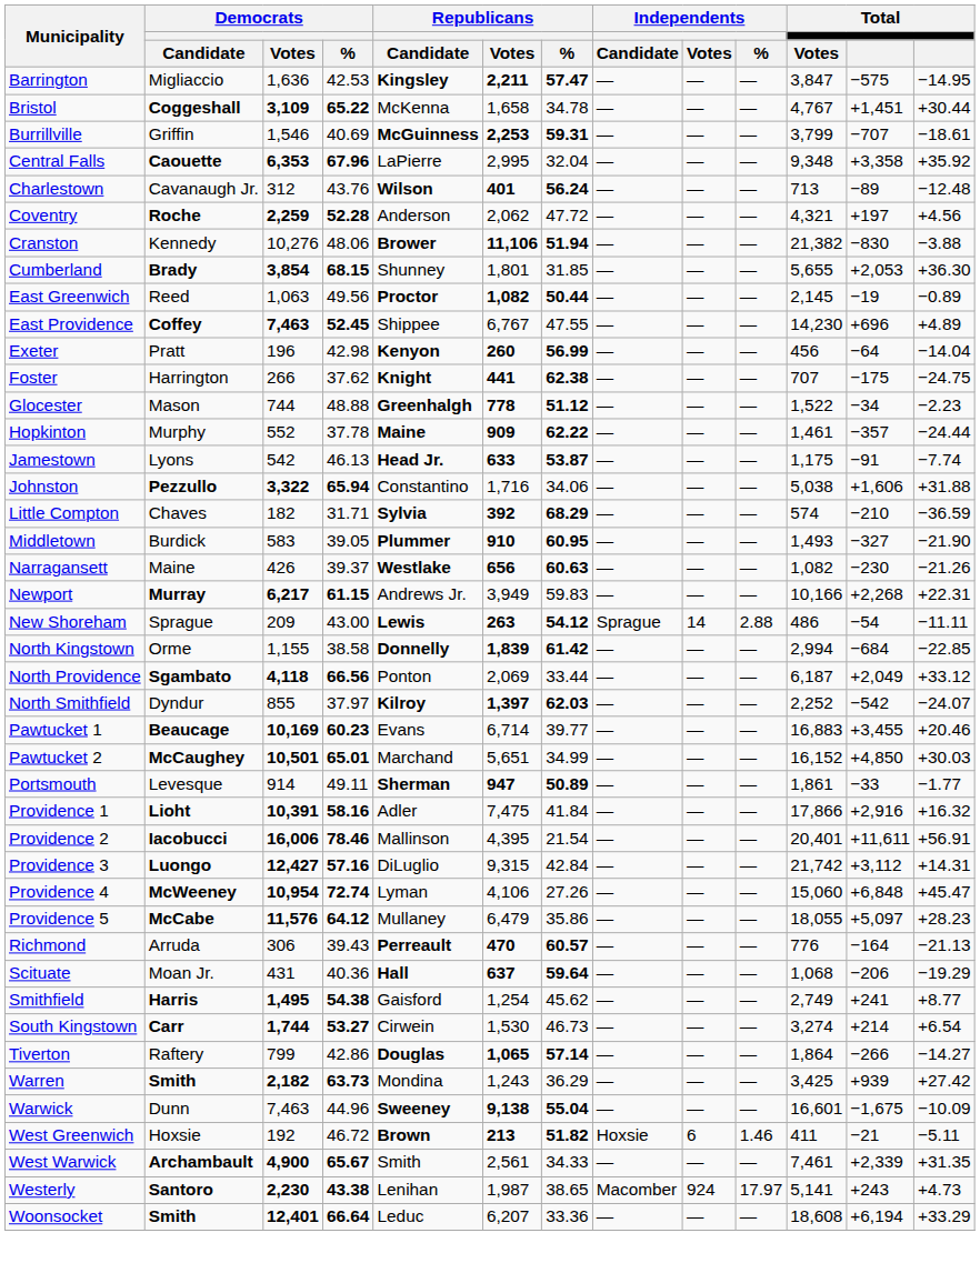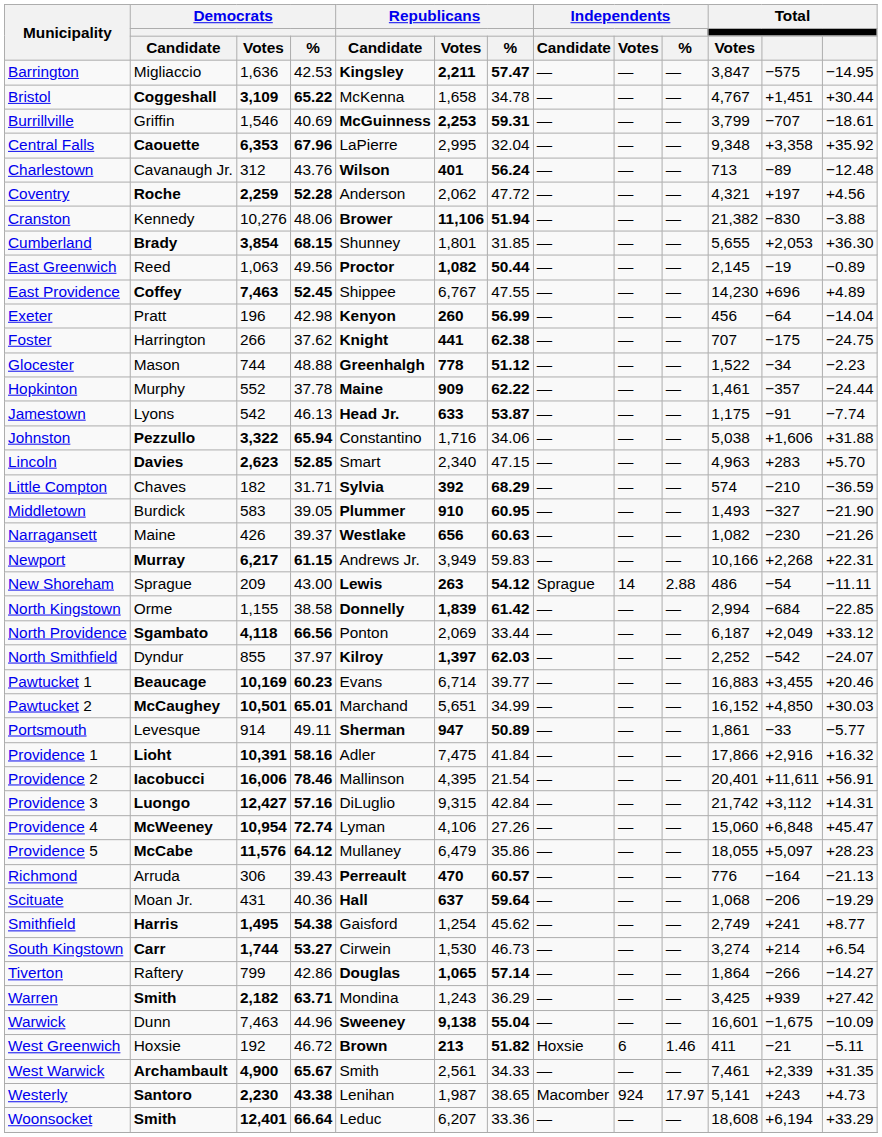 <table class="wikitable sortable defaultcenter">
 <tr>
 <th rowspan="3">Municipality</th>
 <th colspan=3><a href='#'>Democrats</a></th>
 <th colspan=3><a href='#'>Republicans</a></th>
 <th colspan=3><a href='#'>Independents</a></th>
 <th colspan=3>Total</th>
 </tr>
 <tr>
 <th colspan=3 style="background-color:"></th>
 <th colspan=3 style="background-color:"></th>
 <th colspan=3 style="background-color:"></th>
 <th colspan=3 style="background-color:#000000"></th>
 </tr>
 <tr>
 <th>Candidate</th>
 <th>Votes</th>
 <th>%</th>
 <th>Candidate</th>
 <th>Votes</th>
 <th>%</th>
 <th>Candidate</th>
 <th>Votes</th>
 <th>%</th>
 <th>Votes</th>
 <th></th>
 <th></th>
 </tr>
 <tr>
 <td><a href='#'>Barrington</a></td>
 <td>Migliaccio</td>
 <td>1,636</td>
 <td>42.53</td>
 <td><strong>Kingsley</strong></td>
 <td><strong>2,211</strong></td>
 <td><strong>57.47</strong></td>
 <td>—</td>
 <td>—</td>
 <td>—</td>
 <td>3,847</td>
 <td>−575</td>
 <td>−14.95</td>
 </tr>
 <tr>
 <td><a href='#'>Bristol</a></td>
 <td><strong>Coggeshall</strong></td>
 <td><strong>3,109</strong></td>
 <td><strong>65.22</strong></td>
 <td>McKenna</td>
 <td>1,658</td>
 <td>34.78</td>
 <td>—</td>
 <td>—</td>
 <td>—</td>
 <td>4,767</td>
 <td>+1,451</td>
 <td>+30.44</td>
 </tr>
 <tr>
 <td><a href='#'>Burrillville</a></td>
 <td>Griffin</td>
 <td>1,546</td>
 <td>40.69</td>
 <td><strong>McGuinness</strong></td>
 <td><strong>2,253</strong></td>
 <td><strong>59.31</strong></td>
 <td>—</td>
 <td>—</td>
 <td>—</td>
 <td>3,799</td>
 <td>−707</td>
 <td>−18.61</td>
 </tr>
 <tr>
 <td><a href='#'>Central Falls</a></td>
 <td><strong>Caouette</strong></td>
 <td><strong>6,353</strong></td>
 <td><strong>67.96</strong></td>
 <td>LaPierre</td>
 <td>2,995</td>
 <td>32.04</td>
 <td>—</td>
 <td>—</td>
 <td>—</td>
 <td>9,348</td>
 <td>+3,358</td>
 <td>+35.92</td>
 </tr>
 <tr>
 <td><a href='#'>Charlestown</a></td>
 <td>Cavanaugh Jr.</td>
 <td>312</td>
 <td>43.76</td>
 <td><strong>Wilson</strong></td>
 <td><strong>401</strong></td>
 <td><strong>56.24</strong></td>
 <td>—</td>
 <td>—</td>
 <td>—</td>
 <td>713</td>
 <td>−89</td>
 <td>−12.48</td>
 </tr>
 <tr>
 <td><a href='#'>Coventry</a></td>
 <td><strong>Roche</strong></td>
 <td><strong>2,259</strong></td>
 <td><strong>52.28</strong></td>
 <td>Anderson</td>
 <td>2,062</td>
 <td>47.72</td>
 <td>—</td>
 <td>—</td>
 <td>—</td>
 <td>4,321</td>
 <td>+197</td>
 <td>+4.56</td>
 </tr>
 <tr>
 <td><a href='#'>Cranston</a></td>
 <td>Kennedy</td>
 <td>10,276</td>
 <td>48.06</td>
 <td><strong>Brower</strong></td>
 <td><strong>11,106</strong></td>
 <td><strong>51.94</strong></td>
 <td>—</td>
 <td>—</td>
 <td>—</td>
 <td>21,382</td>
 <td>−830</td>
 <td>−3.88</td>
 </tr>
 <tr>
 <td><a href='#'>Cumberland</a></td>
 <td><strong>Brady</strong></td>
 <td><strong>3,854</strong></td>
 <td><strong>68.15</strong></td>
 <td>Shunney</td>
 <td>1,801</td>
 <td>31.85</td>
 <td>—</td>
 <td>—</td>
 <td>—</td>
 <td>5,655</td>
 <td>+2,053</td>
 <td>+36.30</td>
 </tr>
 <tr>
 <td><a href='#'>East Greenwich</a></td>
 <td>Reed</td>
 <td>1,063</td>
 <td>49.56</td>
 <td><strong>Proctor</strong></td>
 <td><strong>1,082</strong></td>
 <td><strong>50.44</strong></td>
 <td>—</td>
 <td>—</td>
 <td>—</td>
 <td>2,145</td>
 <td>−19</td>
 <td>−0.89</td>
 </tr>
 <tr>
 <td><a href='#'>East Providence</a></td>
 <td><strong>Coffey</strong></td>
 <td><strong>7,463</strong></td>
 <td><strong>52.45</strong></td>
 <td>Shippee</td>
 <td>6,767</td>
 <td>47.55</td>
 <td>—</td>
 <td>—</td>
 <td>—</td>
 <td>14,230</td>
 <td>+696</td>
 <td>+4.89</td>
 </tr>
 <tr>
 <td><a href='#'>Exeter</a></td>
 <td>Pratt</td>
 <td>196</td>
 <td>42.98</td>
 <td><strong>Kenyon</strong></td>
 <td><strong>260</strong></td>
 <td><strong>56.99</strong></td>
 <td>—</td>
 <td>—</td>
 <td>—</td>
 <td>456</td>
 <td>−64</td>
 <td>−14.04</td>
 </tr>
 <tr>
 <td><a href='#'>Foster</a></td>
 <td>Harrington</td>
 <td>266</td>
 <td>37.62</td>
 <td><strong>Knight</strong></td>
 <td><strong>441</strong></td>
 <td><strong>62.38</strong></td>
 <td>—</td>
 <td>—</td>
 <td>—</td>
 <td>707</td>
 <td>−175</td>
 <td>−24.75</td>
 </tr>
 <tr>
 <td><a href='#'>Glocester</a></td>
 <td>Mason</td>
 <td>744</td>
 <td>48.88</td>
 <td><strong>Greenhalgh</strong></td>
 <td><strong>778</strong></td>
 <td><strong>51.12</strong></td>
 <td>—</td>
 <td>—</td>
 <td>—</td>
 <td>1,522</td>
 <td>−34</td>
 <td>−2.23</td>
 </tr>
 <tr>
 <td><a href='#'>Hopkinton</a></td>
 <td>Murphy</td>
 <td>552</td>
 <td>37.78</td>
 <td><strong>Maine</strong></td>
 <td><strong>909</strong></td>
 <td><strong>62.22</strong></td>
 <td>—</td>
 <td>—</td>
 <td>—</td>
 <td>1,461</td>
 <td>−357</td>
 <td>−24.44</td>
 </tr>
 <tr>
 <td><a href='#'>Jamestown</a></td>
 <td>Lyons</td>
 <td>542</td>
 <td>46.13</td>
 <td><strong>Head Jr.</strong></td>
 <td><strong>633</strong></td>
 <td><strong>53.87</strong></td>
 <td>—</td>
 <td>—</td>
 <td>—</td>
 <td>1,175</td>
 <td>−91</td>
 <td>−7.74</td>
 </tr>
 <tr>
 <td><a href='#'>Johnston</a></td>
 <td><strong>Pezzullo</strong></td>
 <td><strong>3,322</strong></td>
 <td><strong>65.94</strong></td>
 <td>Constantino</td>
 <td>1,716</td>
 <td>34.06</td>
 <td>—</td>
 <td>—</td>
 <td>—</td>
 <td>5,038</td>
 <td>+1,606</td>
 <td>+31.88</td>
 </tr>
 <tr>
+<td><a href='#'>Lincoln</a></td>
+<td><strong>Davies</strong></td>
+<td><strong>2,623</strong></td>
+<td><strong>52.85</strong></td>
+<td>Smart</td>
+<td>2,340</td>
+<td>47.15</td>
+<td>—</td>
+<td>—</td>
+<td>—</td>
+<td>4,963</td>
+<td>+283</td>
+<td>+5.70</td>
+</tr>
+<tr>
 <td><a href='#'>Little Compton</a></td>
 <td>Chaves</td>
 <td>182</td>
 <td>31.71</td>
 <td><strong>Sylvia</strong></td>
 <td><strong>392</strong></td>
 <td><strong>68.29</strong></td>
 <td>—</td>
 <td>—</td>
 <td>—</td>
 <td>574</td>
 <td>−210</td>
 <td>−36.59</td>
 </tr>
 <tr>
 <td><a href='#'>Middletown</a></td>
 <td>Burdick</td>
 <td>583</td>
 <td>39.05</td>
 <td><strong>Plummer</strong></td>
 <td><strong>910</strong></td>
 <td><strong>60.95</strong></td>
 <td>—</td>
 <td>—</td>
 <td>—</td>
 <td>1,493</td>
 <td>−327</td>
 <td>−21.90</td>
 </tr>
 <tr>
 <td><a href='#'>Narragansett</a></td>
 <td>Maine</td>
 <td>426</td>
 <td>39.37</td>
 <td><strong>Westlake</strong></td>
 <td><strong>656</strong></td>
 <td><strong>60.63</strong></td>
 <td>—</td>
 <td>—</td>
 <td>—</td>
 <td>1,082</td>
 <td>−230</td>
 <td>−21.26</td>
 </tr>
 <tr>
 <td><a href='#'>Newport</a></td>
 <td><strong>Murray</strong></td>
 <td><strong>6,217</strong></td>
 <td><strong>61.15</strong></td>
 <td>Andrews Jr.</td>
 <td>3,949</td>
 <td>59.83</td>
 <td>—</td>
 <td>—</td>
 <td>—</td>
 <td>10,166</td>
 <td>+2,268</td>
 <td>+22.31</td>
 </tr>
 <tr>
 <td><a href='#'>New Shoreham</a></td>
 <td>Sprague</td>
 <td>209</td>
 <td>43.00</td>
 <td><strong>Lewis</strong></td>
 <td><strong>263</strong></td>
 <td><strong>54.12</strong></td>
 <td>Sprague</td>
 <td>14</td>
 <td>2.88</td>
 <td>486</td>
 <td>−54</td>
 <td>−11.11</td>
 </tr>
 <tr>
 <td><a href='#'>North Kingstown</a></td>
 <td>Orme</td>
 <td>1,155</td>
 <td>38.58</td>
 <td><strong>Donnelly</strong></td>
 <td><strong>1,839</strong></td>
 <td><strong>61.42</strong></td>
 <td>—</td>
 <td>—</td>
 <td>—</td>
 <td>2,994</td>
 <td>−684</td>
 <td>−22.85</td>
 </tr>
 <tr>
 <td><a href='#'>North Providence</a></td>
 <td><strong>Sgambato</strong></td>
 <td><strong>4,118</strong></td>
 <td><strong>66.56</strong></td>
 <td>Ponton</td>
 <td>2,069</td>
 <td>33.44</td>
 <td>—</td>
 <td>—</td>
 <td>—</td>
 <td>6,187</td>
 <td>+2,049</td>
 <td>+33.12</td>
 </tr>
 <tr>
 <td><a href='#'>North Smithfield</a></td>
 <td>Dyndur</td>
 <td>855</td>
 <td>37.97</td>
 <td><strong>Kilroy</strong></td>
 <td><strong>1,397</strong></td>
 <td><strong>62.03</strong></td>
 <td>—</td>
 <td>—</td>
 <td>—</td>
 <td>2,252</td>
 <td>−542</td>
 <td>−24.07</td>
 </tr>
 <tr>
 <td><a href='#'>Pawtucket</a> 1</td>
 <td><strong>Beaucage</strong></td>
 <td><strong>10,169</strong></td>
 <td><strong>60.23</strong></td>
 <td>Evans</td>
 <td>6,714</td>
 <td>39.77</td>
 <td>—</td>
 <td>—</td>
 <td>—</td>
 <td>16,883</td>
 <td>+3,455</td>
 <td>+20.46</td>
 </tr>
 <tr>
 <td><a href='#'>Pawtucket</a> 2</td>
 <td><strong>McCaughey</strong></td>
 <td><strong>10,501</strong></td>
 <td><strong>65.01</strong></td>
 <td>Marchand</td>
 <td>5,651</td>
 <td>34.99</td>
 <td>—</td>
 <td>—</td>
 <td>—</td>
 <td>16,152</td>
 <td>+4,850</td>
 <td>+30.03</td>
 </tr>
 <tr>
 <td><a href='#'>Portsmouth</a></td>
 <td>Levesque</td>
 <td>914</td>
 <td>49.11</td>
 <td><strong>Sherman</strong></td>
 <td><strong>947</strong></td>
 <td><strong>50.89</strong></td>
 <td>—</td>
 <td>—</td>
 <td>—</td>
 <td>1,861</td>
 <td>−33</td>
-<td>−1.77</td>
+<td>−5.77</td>
 </tr>
 <tr>
 <td><a href='#'>Providence</a> 1</td>
 <td><strong>Lioht</strong></td>
 <td><strong>10,391</strong></td>
 <td><strong>58.16</strong></td>
 <td>Adler</td>
 <td>7,475</td>
 <td>41.84</td>
 <td>—</td>
 <td>—</td>
 <td>—</td>
 <td>17,866</td>
 <td>+2,916</td>
 <td>+16.32</td>
 </tr>
 <tr>
 <td><a href='#'>Providence</a> 2</td>
 <td><strong>Iacobucci</strong></td>
 <td><strong>16,006</strong></td>
 <td><strong>78.46</strong></td>
 <td>Mallinson</td>
 <td>4,395</td>
 <td>21.54</td>
 <td>—</td>
 <td>—</td>
 <td>—</td>
 <td>20,401</td>
 <td>+11,611</td>
 <td>+56.91</td>
 </tr>
 <tr>
 <td><a href='#'>Providence</a> 3</td>
 <td><strong>Luongo</strong></td>
 <td><strong>12,427</strong></td>
 <td><strong>57.16</strong></td>
 <td>DiLuglio</td>
 <td>9,315</td>
 <td>42.84</td>
 <td>—</td>
 <td>—</td>
 <td>—</td>
 <td>21,742</td>
 <td>+3,112</td>
 <td>+14.31</td>
 </tr>
 <tr>
 <td><a href='#'>Providence</a> 4</td>
 <td><strong>McWeeney</strong></td>
 <td><strong>10,954</strong></td>
 <td><strong>72.74</strong></td>
 <td>Lyman</td>
 <td>4,106</td>
 <td>27.26</td>
 <td>—</td>
 <td>—</td>
 <td>—</td>
 <td>15,060</td>
 <td>+6,848</td>
 <td>+45.47</td>
 </tr>
 <tr>
 <td><a href='#'>Providence</a> 5</td>
 <td><strong>McCabe</strong></td>
 <td><strong>11,576</strong></td>
 <td><strong>64.12</strong></td>
 <td>Mullaney</td>
 <td>6,479</td>
 <td>35.86</td>
 <td>—</td>
 <td>—</td>
 <td>—</td>
 <td>18,055</td>
 <td>+5,097</td>
 <td>+28.23</td>
 </tr>
 <tr>
 <td><a href='#'>Richmond</a></td>
 <td>Arruda</td>
 <td>306</td>
 <td>39.43</td>
 <td><strong>Perreault</strong></td>
 <td><strong>470</strong></td>
 <td><strong>60.57</strong></td>
 <td>—</td>
 <td>—</td>
 <td>—</td>
 <td>776</td>
 <td>−164</td>
 <td>−21.13</td>
 </tr>
 <tr>
 <td><a href='#'>Scituate</a></td>
 <td>Moan Jr.</td>
 <td>431</td>
 <td>40.36</td>
 <td><strong>Hall</strong></td>
 <td><strong>637</strong></td>
 <td><strong>59.64</strong></td>
 <td>—</td>
 <td>—</td>
 <td>—</td>
 <td>1,068</td>
 <td>−206</td>
 <td>−19.29</td>
 </tr>
 <tr>
 <td><a href='#'>Smithfield</a></td>
 <td><strong>Harris</strong></td>
 <td><strong>1,495</strong></td>
 <td><strong>54.38</strong></td>
 <td>Gaisford</td>
 <td>1,254</td>
 <td>45.62</td>
 <td>—</td>
 <td>—</td>
 <td>—</td>
 <td>2,749</td>
 <td>+241</td>
 <td>+8.77</td>
 </tr>
 <tr>
 <td><a href='#'>South Kingstown</a></td>
 <td><strong>Carr</strong></td>
 <td><strong>1,744</strong></td>
 <td><strong>53.27</strong></td>
 <td>Cirwein</td>
 <td>1,530</td>
 <td>46.73</td>
 <td>—</td>
 <td>—</td>
 <td>—</td>
 <td>3,274</td>
 <td>+214</td>
 <td>+6.54</td>
 </tr>
 <tr>
 <td><a href='#'>Tiverton</a></td>
 <td>Raftery</td>
 <td>799</td>
 <td>42.86</td>
 <td><strong>Douglas</strong></td>
 <td><strong>1,065</strong></td>
 <td><strong>57.14</strong></td>
 <td>—</td>
 <td>—</td>
 <td>—</td>
 <td>1,864</td>
 <td>−266</td>
 <td>−14.27</td>
 </tr>
 <tr>
 <td><a href='#'>Warren</a></td>
 <td><strong>Smith</strong></td>
 <td><strong>2,182</strong></td>
-<td><strong>63.73</strong></td>
+<td><strong>63.71</strong></td>
 <td>Mondina</td>
 <td>1,243</td>
 <td>36.29</td>
 <td>—</td>
 <td>—</td>
 <td>—</td>
 <td>3,425</td>
 <td>+939</td>
 <td>+27.42</td>
 </tr>
 <tr>
 <td><a href='#'>Warwick</a></td>
 <td>Dunn</td>
 <td>7,463</td>
 <td>44.96</td>
 <td><strong>Sweeney</strong></td>
 <td><strong>9,138</strong></td>
 <td><strong>55.04</strong></td>
 <td>—</td>
 <td>—</td>
 <td>—</td>
 <td>16,601</td>
 <td>−1,675</td>
 <td>−10.09</td>
 </tr>
 <tr>
 <td><a href='#'>West Greenwich</a></td>
 <td>Hoxsie</td>
 <td>192</td>
 <td>46.72</td>
 <td><strong>Brown</strong></td>
 <td><strong>213</strong></td>
 <td><strong>51.82</strong></td>
 <td>Hoxsie</td>
 <td>6</td>
 <td>1.46</td>
 <td>411</td>
 <td>−21</td>
 <td>−5.11</td>
 </tr>
 <tr>
 <td><a href='#'>West Warwick</a></td>
 <td><strong>Archambault</strong></td>
 <td><strong>4,900</strong></td>
 <td><strong>65.67</strong></td>
 <td>Smith</td>
 <td>2,561</td>
 <td>34.33</td>
 <td>—</td>
 <td>—</td>
 <td>—</td>
 <td>7,461</td>
 <td>+2,339</td>
 <td>+31.35</td>
 </tr>
 <tr>
 <td><a href='#'>Westerly</a></td>
 <td><strong>Santoro</strong></td>
 <td><strong>2,230</strong></td>
 <td><strong>43.38</strong></td>
 <td>Lenihan</td>
 <td>1,987</td>
 <td>38.65</td>
 <td>Macomber</td>
 <td>924</td>
 <td>17.97</td>
 <td>5,141</td>
 <td>+243</td>
 <td>+4.73</td>
 </tr>
 <tr>
 <td><a href='#'>Woonsocket</a></td>
 <td><strong>Smith</strong></td>
 <td><strong>12,401</strong></td>
 <td><strong>66.64</strong></td>
 <td>Leduc</td>
 <td>6,207</td>
 <td>33.36</td>
 <td>—</td>
 <td>—</td>
 <td>—</td>
 <td>18,608</td>
 <td>+6,194</td>
 <td>+33.29</td>
 </tr>
 <tr>
 </tr>
 </table>
